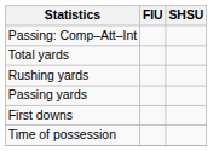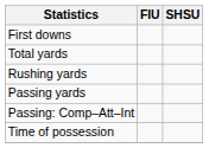 <table class="wikitable" style="float: left;">
 <tr>
 <th>Statistics</th>
 <th>FIU</th>
 <th>SHSU</th>
 </tr>
 <tr>
-<td>Passing: Comp–Att–Int</td>
+<td>First downs</td>
 <td></td>
 <td></td>
 </tr>
 <tr>
 <td>Total yards</td>
 <td></td>
 <td></td>
 </tr>
 <tr>
 <td>Rushing yards</td>
 <td></td>
 <td></td>
 </tr>
 <tr>
 <td>Passing yards</td>
 <td></td>
 <td></td>
 </tr>
 <tr>
-<td>First downs</td>
+<td>Passing: Comp–Att–Int</td>
 <td></td>
 <td></td>
 </tr>
 <tr>
 <td>Time of possession</td>
 <td></td>
 <td></td>
 </tr>
 <tr>
 </tr>
 </table>
